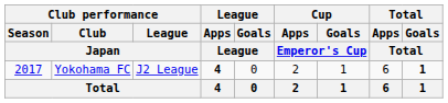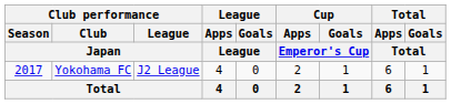 <table class="wikitable" style="text-align:center;">
 <tr>
 <th colspan=3>Club performance</th>
 <th colspan=2>League</th>
 <th colspan=2>Cup</th>
 <th colspan=2>Total</th>
 </tr>
 <tr>
 <th>Season</th>
 <th>Club</th>
 <th>League</th>
 <th>Apps</th>
 <th>Goals</th>
 <th>Apps</th>
 <th>Goals</th>
 <th>Apps</th>
 <th>Goals</th>
 </tr>
 <tr>
 <th colspan=3>Japan</th>
 <th colspan=2>League</th>
 <th colspan=2><a href='#'>Emperor's Cup</a></th>
 <th colspan=2>Total</th>
 </tr>
 <tr>
 <td><a href='#'>2017</a></td>
 <td rowspan="1"><a href='#'>Yokohama FC</a></td>
 <td rowspan="1"><a href='#'>J2 League</a></td>
-<td><strong>4</strong></td>
+<td>4</td>
 <td>0</td>
 <td>2</td>
 <td>1</td>
 <td>6</td>
-<td><strong>1</strong></td>
+<td>1</td>
 </tr>
 <tr>
 <th colspan=3>Total</th>
 <th>4</th>
 <th>0</th>
 <th>2</th>
 <th>1</th>
 <th>6</th>
 <th>1</th>
 </tr>
 </table>
